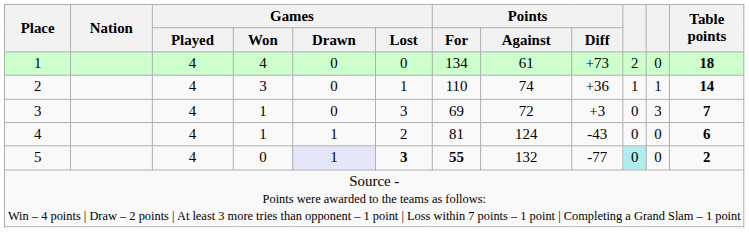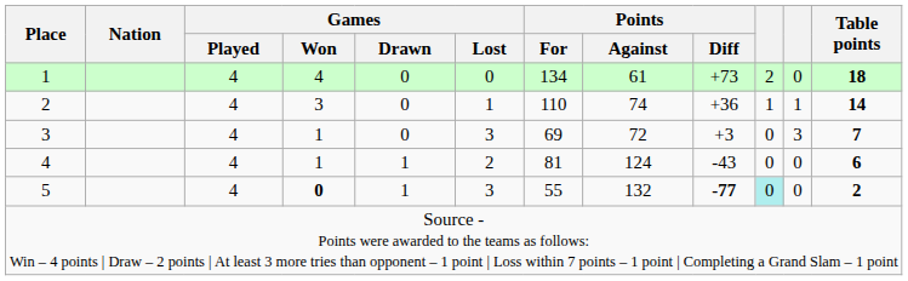 <table class="wikitable" style="text-align:center">
 <tr>
 <th rowspan="2">Place</th>
 <th rowspan="2">Nation</th>
 <th colspan="4">Games</th>
 <th colspan="3">Points</th>
 <th rowspan="2"></th>
 <th rowspan="2"></th>
 <th rowspan="2">Table<br>points</th>
 </tr>
 <tr>
 <th>Played</th>
 <th>Won</th>
 <th>Drawn</th>
 <th>Lost</th>
 <th>For</th>
 <th>Against</th>
 <th>Diff</th>
 </tr>
 <tr bgcolor="#ccffcc">
 <td>1</td>
 <td style="text-align:left"></td>
 <td>4</td>
 <td>4</td>
 <td>0</td>
 <td>0</td>
 <td>134</td>
 <td>61</td>
 <td>+73</td>
 <td>2</td>
 <td>0</td>
 <td><strong>18</strong></td>
 </tr>
 <tr>
 <td>2</td>
 <td style="text-align:left"></td>
 <td>4</td>
 <td>3</td>
 <td>0</td>
 <td>1</td>
 <td>110</td>
 <td>74</td>
 <td>+36</td>
 <td>1</td>
 <td>1</td>
 <td><strong>14</strong></td>
 </tr>
 <tr>
 <td>3</td>
 <td style="text-align:left"></td>
 <td>4</td>
 <td>1</td>
 <td>0</td>
 <td>3</td>
 <td>69</td>
 <td>72</td>
 <td>+3</td>
 <td>0</td>
 <td>3</td>
 <td><strong>7</strong></td>
 </tr>
 <tr>
 <td>4</td>
 <td style="text-align:left"></td>
 <td>4</td>
 <td>1</td>
 <td>1</td>
 <td>2</td>
 <td>81</td>
 <td>124</td>
 <td>-43</td>
 <td>0</td>
 <td>0</td>
 <td><strong>6</strong></td>
 </tr>
 <tr>
 <td>5</td>
 <td style="text-align:left"></td>
 <td>4</td>
-<td>0</td>
-<td style="background: lavender;">1</td>
-<td><strong>3</strong></td>
-<td><strong>55</strong></td>
+<td><strong>0</strong></td>
+<td>1</td>
+<td>3</td>
+<td>55</td>
 <td>132</td>
-<td>-77</td>
+<td><strong>-77</strong></td>
 <td style="background: paleturquoise;">0</td>
 <td>0</td>
 <td><strong>2</strong></td>
 </tr>
 <tr>
 <td colspan="100%" style="text-align:center">Source - <br><small>Points were awarded to the teams as follows:<br>Win – 4 points | Draw – 2 points | At least 3 more tries than opponent – 1 point | Loss within 7 points – 1 point | Completing a Grand Slam – 1 point</small></td>
 </tr>
 </table>
